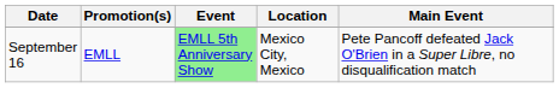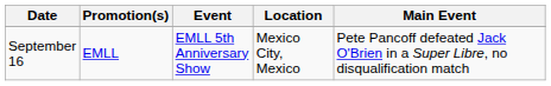 <table class="wikitable" style="width:100%;">
 <tr>
 <th width=5%>Date</th>
 <th width=5%>Promotion(s)</th>
 <th style="width:15%;">Event</th>
 <th style="width:15%;">Location</th>
 <th style="width:40%;">Main Event</th>
 </tr>
 <tr style="width:20%;"| Notes>
 </tr>
 <tr>
 <td>September 16</td>
 <td><a href='#'>EMLL</a></td>
-<td style="background: lightgreen;"><a href='#'>EMLL 5th Anniversary Show</a></td>
+<td><a href='#'>EMLL 5th Anniversary Show</a></td>
 <td>Mexico City, Mexico</td>
 <td>Pete Pancoff defeated <a href='#'>Jack O'Brien</a> in a <em>Super Libre</em>, no disqualification match</td>
 </tr>
 </table>
